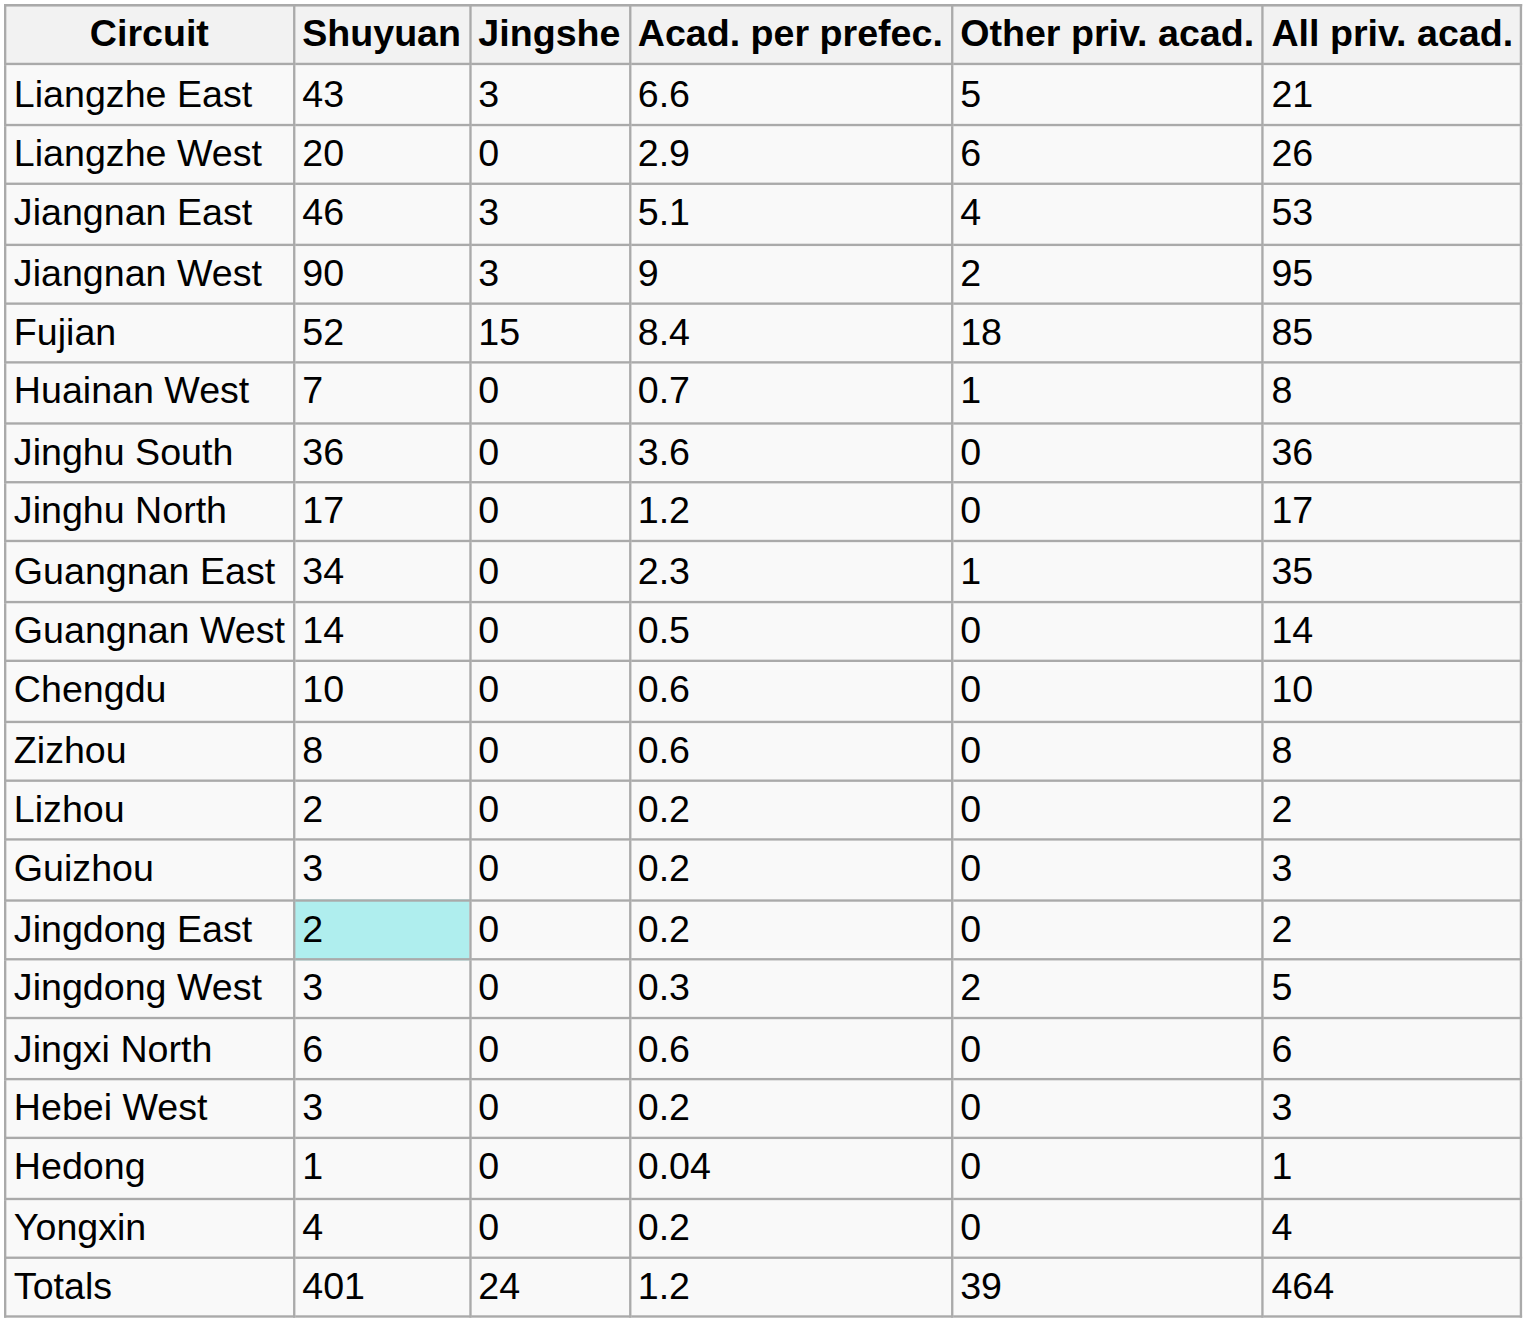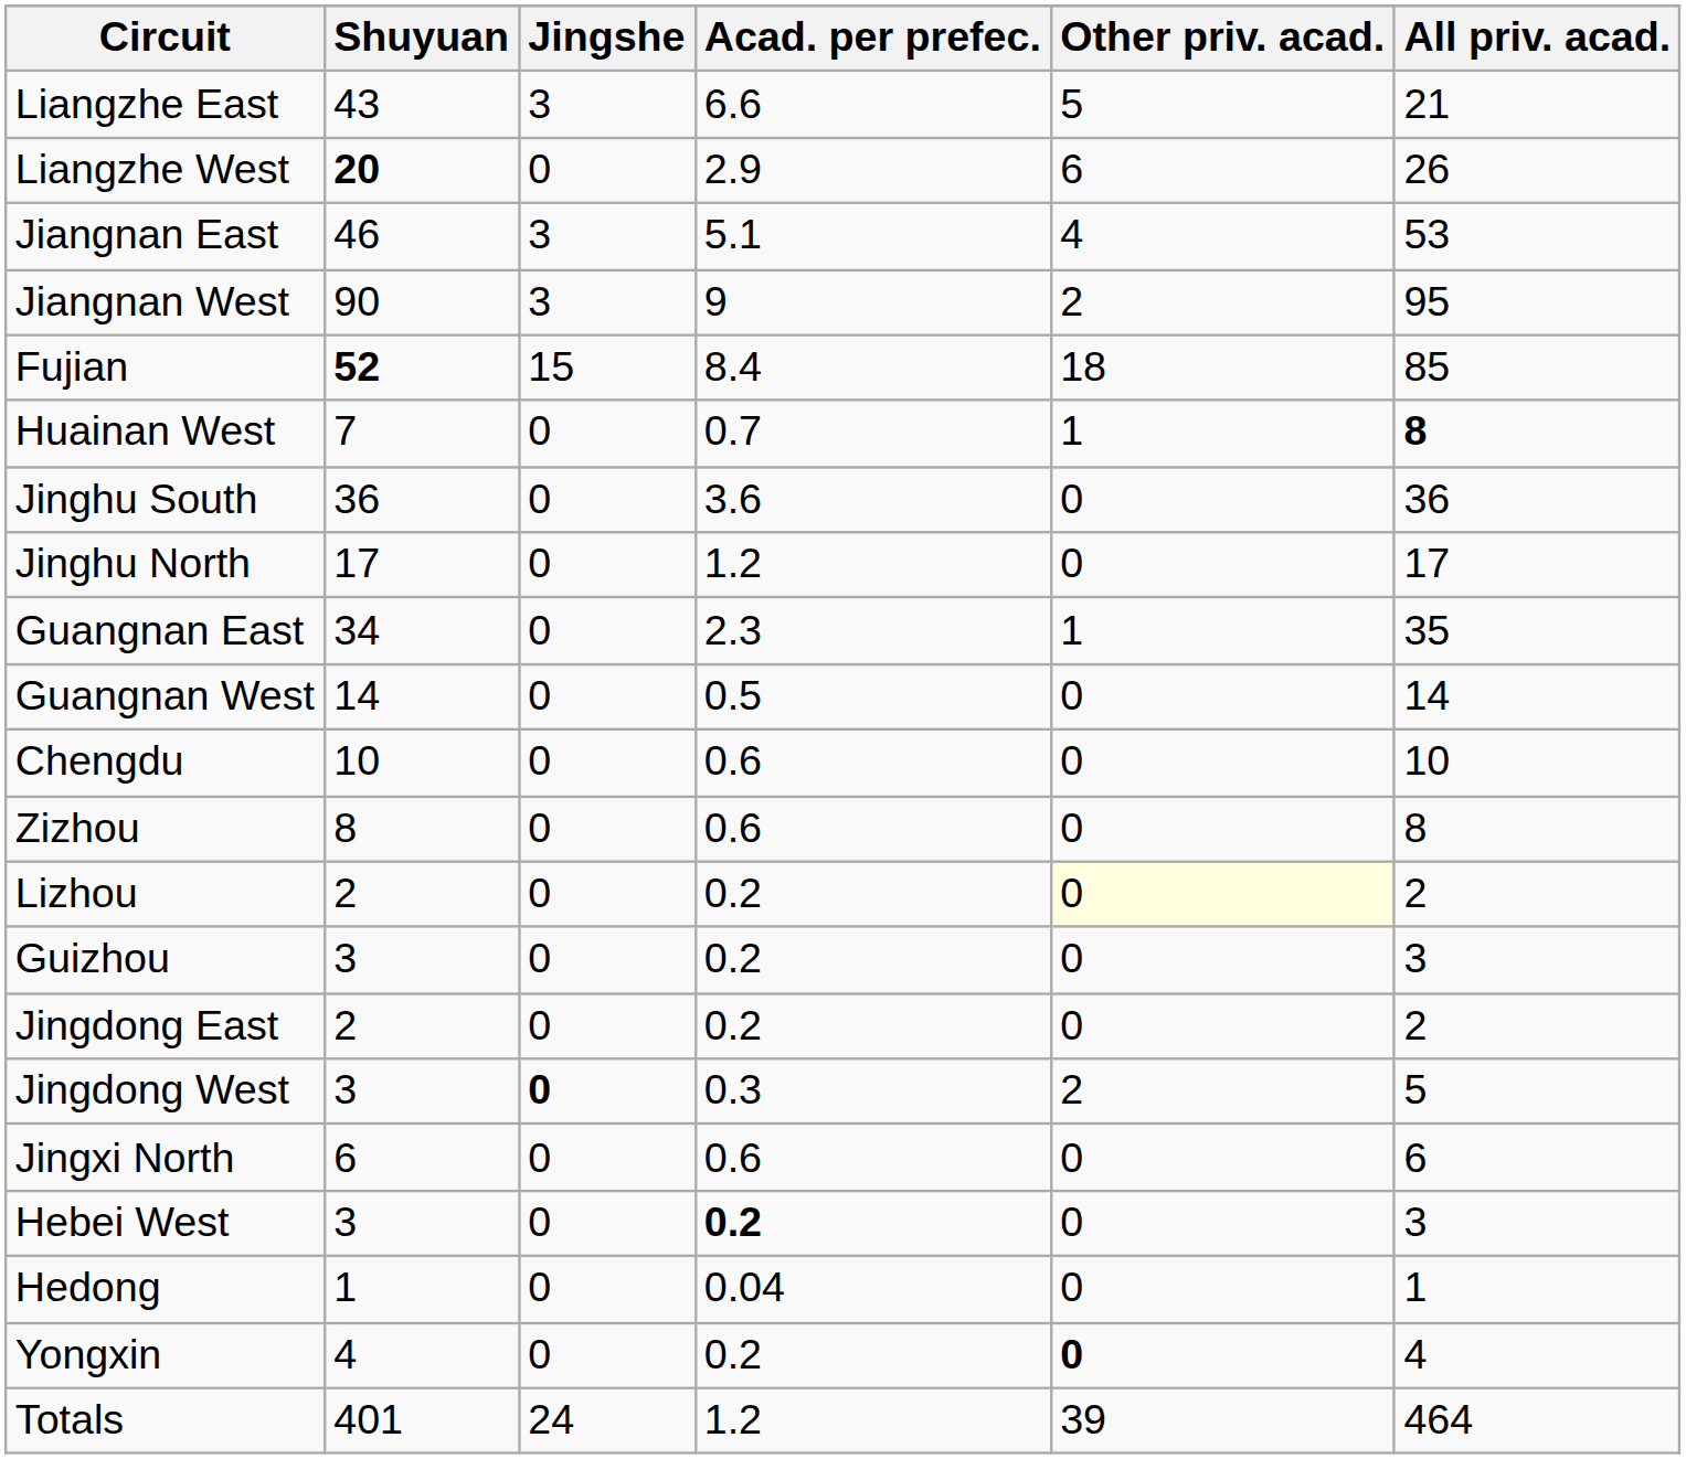 <table class="sortable wikitable mw-collapsible mw-collapsed">
 <tr style="background:#CCCC;">
 </tr>
 <tr>
 <th>Circuit</th>
 <th>Shuyuan</th>
 <th>Jingshe</th>
 <th>Acad. per prefec.</th>
 <th>Other priv. acad.</th>
 <th>All priv. acad.</th>
 </tr>
 <tr>
 <td>Liangzhe East</td>
 <td>43</td>
 <td>3</td>
 <td>6.6</td>
 <td>5</td>
 <td>21</td>
 </tr>
 <tr>
 <td>Liangzhe West</td>
-<td>20</td>
+<td><strong>20</strong></td>
 <td>0</td>
 <td>2.9</td>
 <td>6</td>
 <td>26</td>
 </tr>
 <tr>
 <td>Jiangnan East</td>
 <td>46</td>
 <td>3</td>
 <td>5.1</td>
 <td>4</td>
 <td>53</td>
 </tr>
 <tr>
 <td>Jiangnan West</td>
 <td>90</td>
 <td>3</td>
 <td>9</td>
 <td>2</td>
 <td>95</td>
 </tr>
 <tr>
 <td>Fujian</td>
-<td>52</td>
+<td><strong>52</strong></td>
 <td>15</td>
 <td>8.4</td>
 <td>18</td>
 <td>85</td>
 </tr>
 <tr>
 <td>Huainan West</td>
 <td>7</td>
 <td>0</td>
 <td>0.7</td>
 <td>1</td>
-<td>8</td>
+<td><strong>8</strong></td>
 </tr>
 <tr>
 <td>Jinghu South</td>
 <td>36</td>
 <td>0</td>
 <td>3.6</td>
 <td>0</td>
 <td>36</td>
 </tr>
 <tr>
 <td>Jinghu North</td>
 <td>17</td>
 <td>0</td>
 <td>1.2</td>
 <td>0</td>
 <td>17</td>
 </tr>
 <tr>
 <td>Guangnan East</td>
 <td>34</td>
 <td>0</td>
 <td>2.3</td>
 <td>1</td>
 <td>35</td>
 </tr>
 <tr>
 <td>Guangnan West</td>
 <td>14</td>
 <td>0</td>
 <td>0.5</td>
 <td>0</td>
 <td>14</td>
 </tr>
 <tr>
 <td>Chengdu</td>
 <td>10</td>
 <td>0</td>
 <td>0.6</td>
 <td>0</td>
 <td>10</td>
 </tr>
 <tr>
 <td>Zizhou</td>
 <td>8</td>
 <td>0</td>
 <td>0.6</td>
 <td>0</td>
 <td>8</td>
 </tr>
 <tr>
 <td>Lizhou</td>
 <td>2</td>
 <td>0</td>
 <td>0.2</td>
-<td>0</td>
+<td style="background: lightyellow;">0</td>
 <td>2</td>
 </tr>
 <tr>
 <td>Guizhou</td>
 <td>3</td>
 <td>0</td>
 <td>0.2</td>
 <td>0</td>
 <td>3</td>
 </tr>
 <tr>
 <td>Jingdong East</td>
-<td style="background: paleturquoise;">2</td>
+<td>2</td>
 <td>0</td>
 <td>0.2</td>
 <td>0</td>
 <td>2</td>
 </tr>
 <tr>
 <td>Jingdong West</td>
 <td>3</td>
-<td>0</td>
+<td><strong>0</strong></td>
 <td>0.3</td>
 <td>2</td>
 <td>5</td>
 </tr>
 <tr>
 <td>Jingxi North</td>
 <td>6</td>
 <td>0</td>
 <td>0.6</td>
 <td>0</td>
 <td>6</td>
 </tr>
 <tr>
 <td>Hebei West</td>
 <td>3</td>
 <td>0</td>
-<td>0.2</td>
+<td><strong>0.2</strong></td>
 <td>0</td>
 <td>3</td>
 </tr>
 <tr>
 <td>Hedong</td>
 <td>1</td>
 <td>0</td>
 <td>0.04</td>
 <td>0</td>
 <td>1</td>
 </tr>
 <tr>
 <td>Yongxin</td>
 <td>4</td>
 <td>0</td>
 <td>0.2</td>
-<td>0</td>
+<td><strong>0</strong></td>
 <td>4</td>
 </tr>
 <tr>
 <td>Totals</td>
 <td>401</td>
 <td>24</td>
 <td>1.2</td>
 <td>39</td>
 <td>464</td>
 </tr>
 </table>
